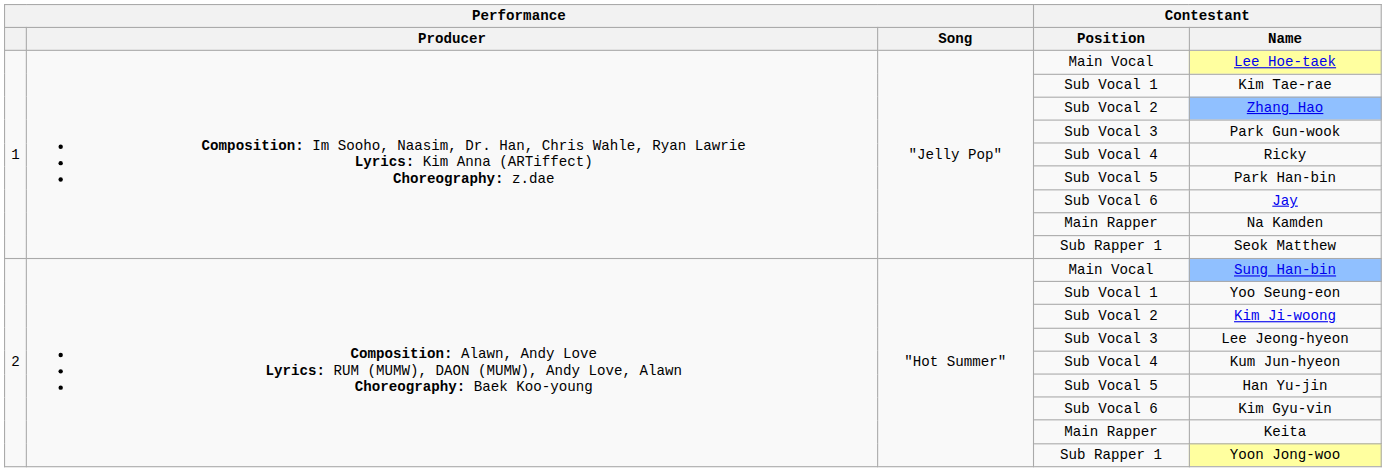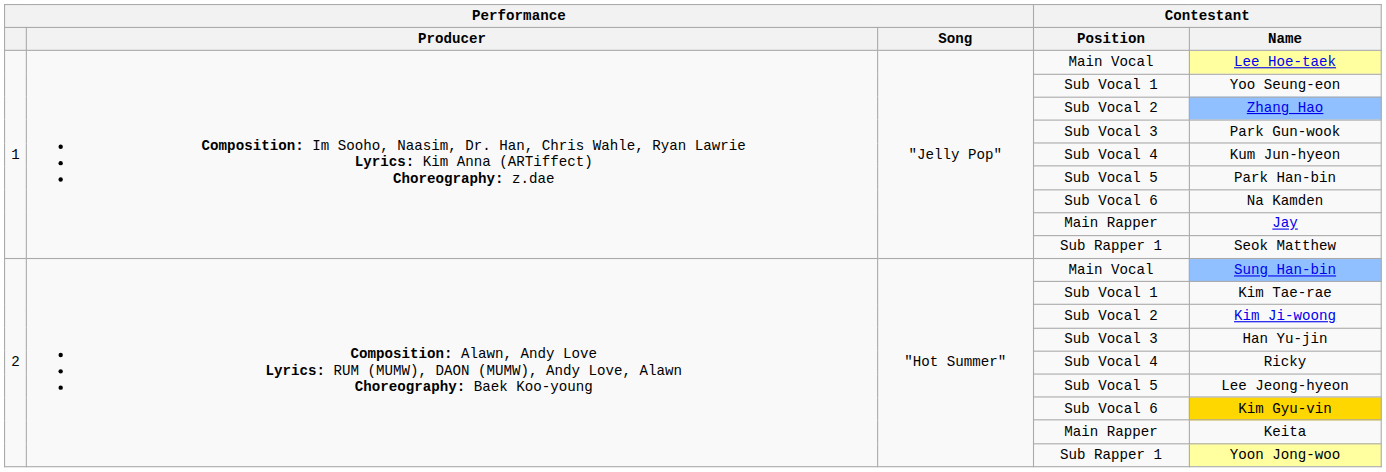 <table class="wikitable collapsible" style="width:100%; text-align:center">
 <tr>
 <th colspan="3">Performance</th>
 <th colspan="2">Contestant</th>
 </tr>
 <tr>
 <th></th>
 <th>Producer</th>
 <th>Song</th>
 <th>Position</th>
 <th>Name</th>
 </tr>
 <tr>
 <td rowspan="9">1</td>
 <td rowspan="9"><br><ul><li><strong>Composition:</strong> Im Sooho, Naasim, Dr. Han, Chris Wahle, Ryan Lawrie</li><li><strong>Lyrics:</strong> Kim Anna (ARTiffect)</li><li><strong>Choreography:</strong> z.dae</li></ul></td>
 <td rowspan="9">"Jelly Pop"</td>
 <td>Main Vocal</td>
 <td style="background:#FFFF9F"><a href='#'>Lee Hoe-taek</a></td>
 </tr>
 <tr>
 <td>Sub Vocal 1</td>
-<td>Kim Tae-rae</td>
+<td>Yoo Seung-eon</td>
 </tr>
 <tr>
 <td>Sub Vocal 2</td>
 <td style="background:#90C0FF"><a href='#'>Zhang Hao</a></td>
 </tr>
 <tr>
 <td>Sub Vocal 3</td>
 <td>Park Gun-wook</td>
 </tr>
 <tr>
 <td>Sub Vocal 4</td>
-<td>Ricky</td>
+<td>Kum Jun-hyeon</td>
 </tr>
 <tr>
 <td>Sub Vocal 5</td>
 <td>Park Han-bin</td>
 </tr>
 <tr>
 <td>Sub Vocal 6</td>
-<td><a href='#'>Jay</a></td>
+<td>Na Kamden</td>
 </tr>
 <tr>
 <td>Main Rapper</td>
-<td>Na Kamden</td>
+<td><a href='#'>Jay</a></td>
 </tr>
 <tr>
 <td>Sub Rapper 1</td>
 <td>Seok Matthew</td>
 </tr>
 <tr>
 <td rowspan="9">2</td>
 <td rowspan="9"><br><ul><li><strong>Composition:</strong> Alawn, Andy Love</li><li><strong>Lyrics:</strong> RUM (MUMW), DAON (MUMW), Andy Love, Alawn</li><li><strong>Choreography:</strong> Baek Koo-young</li></ul></td>
 <td rowspan="9">"Hot Summer"</td>
 <td>Main Vocal</td>
 <td style="background:#90C0FF"><a href='#'>Sung Han-bin</a></td>
 </tr>
 <tr>
 <td>Sub Vocal 1</td>
-<td>Yoo Seung-eon</td>
+<td>Kim Tae-rae</td>
 </tr>
 <tr>
 <td>Sub Vocal 2</td>
 <td><a href='#'>Kim Ji-woong</a></td>
 </tr>
 <tr>
 <td>Sub Vocal 3</td>
+<td>Han Yu-jin</td>
+</tr>
+<tr>
+<td>Sub Vocal 4</td>
+<td>Ricky</td>
+</tr>
+<tr>
+<td>Sub Vocal 5</td>
 <td>Lee Jeong-hyeon</td>
 </tr>
 <tr>
-<td>Sub Vocal 4</td>
-<td>Kum Jun-hyeon</td>
-</tr>
-<tr>
-<td>Sub Vocal 5</td>
-<td>Han Yu-jin</td>
-</tr>
-<tr>
 <td>Sub Vocal 6</td>
-<td>Kim Gyu-vin</td>
+<td style="background: gold;">Kim Gyu-vin</td>
 </tr>
 <tr>
 <td>Main Rapper</td>
 <td>Keita</td>
 </tr>
 <tr>
 <td>Sub Rapper 1</td>
 <td style="background:#FFFF9F">Yoon Jong-woo</td>
 </tr>
 </table>
